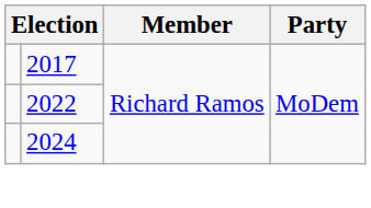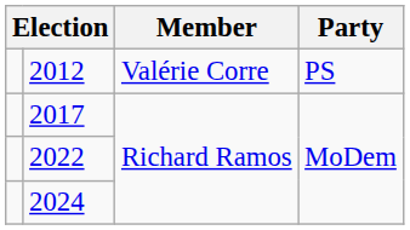 <table class="wikitable">
 <tr>
 <th colspan=2>Election</th>
 <th>Member</th>
 <th>Party</th>
+</tr>
+<tr>
+<td style="color:inherit;background-color: "></td>
+<td><a href='#'>2012</a></td>
+<td><a href='#'>Valérie Corre</a></td>
+<td><a href='#'>PS</a></td>
 </tr>
 <tr>
 <td style="color:inherit;background-color: "></td>
 <td><a href='#'>2017</a></td>
 <td rowspan="3"><a href='#'>Richard Ramos</a></td>
 <td rowspan="3"><a href='#'>MoDem</a></td>
 </tr>
 <tr>
 <td style="color:inherit;background-color: "></td>
 <td><a href='#'>2022</a></td>
 </tr>
 <tr>
 <td style="color:inherit;background-color: "></td>
 <td><a href='#'>2024</a></td>
 </tr>
 </table>
